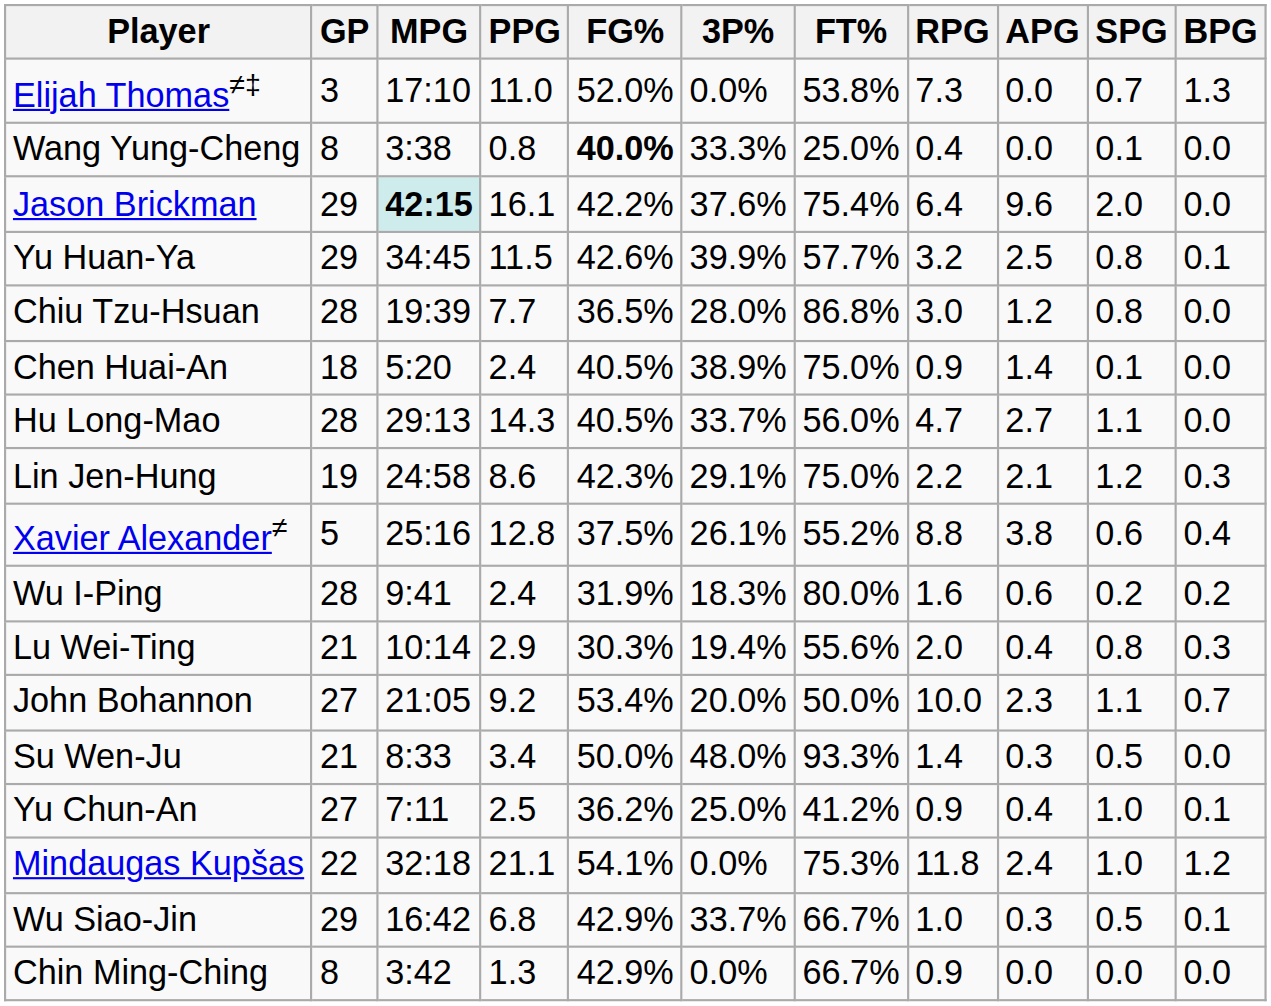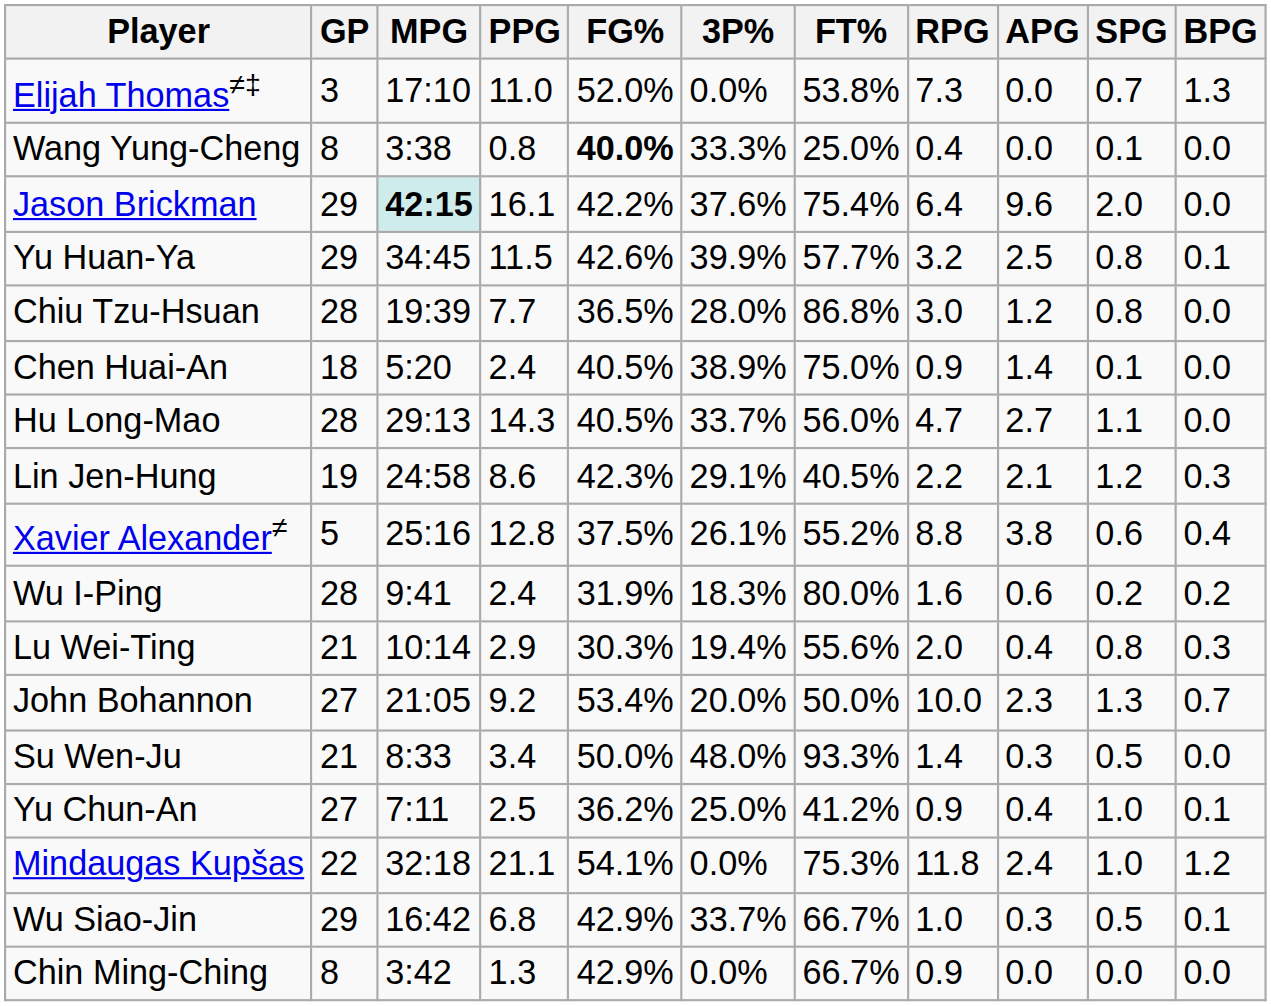 <table class="wikitable">
 <tr>
 <th>Player</th>
 <th>GP</th>
 <th>MPG</th>
 <th>PPG</th>
 <th>FG%</th>
 <th>3P%</th>
 <th>FT%</th>
 <th>RPG</th>
 <th>APG</th>
 <th>SPG</th>
 <th>BPG</th>
 </tr>
 <tr>
 <td><a href='#'>Elijah Thomas</a><sup>≠‡</sup></td>
 <td>3</td>
 <td>17:10</td>
 <td>11.0</td>
 <td>52.0%</td>
 <td>0.0%</td>
 <td>53.8%</td>
 <td>7.3</td>
 <td>0.0</td>
 <td>0.7</td>
 <td>1.3</td>
 </tr>
 <tr>
 <td>Wang Yung-Cheng</td>
 <td>8</td>
 <td>3:38</td>
 <td>0.8</td>
 <td><strong>40.0%</strong></td>
 <td>33.3%</td>
 <td>25.0%</td>
 <td>0.4</td>
 <td>0.0</td>
 <td>0.1</td>
 <td>0.0</td>
 </tr>
 <tr>
 <td><a href='#'>Jason Brickman</a></td>
 <td>29</td>
 <td style="background-color: #CFECEC"><strong>42:15</strong></td>
 <td>16.1</td>
 <td>42.2%</td>
 <td>37.6%</td>
 <td>75.4%</td>
 <td>6.4</td>
 <td>9.6</td>
 <td>2.0</td>
 <td>0.0</td>
 </tr>
 <tr>
 <td>Yu Huan-Ya</td>
 <td>29</td>
 <td>34:45</td>
 <td>11.5</td>
 <td>42.6%</td>
 <td>39.9%</td>
 <td>57.7%</td>
 <td>3.2</td>
 <td>2.5</td>
 <td>0.8</td>
 <td>0.1</td>
 </tr>
 <tr>
 <td>Chiu Tzu-Hsuan</td>
 <td>28</td>
 <td>19:39</td>
 <td>7.7</td>
 <td>36.5%</td>
 <td>28.0%</td>
 <td>86.8%</td>
 <td>3.0</td>
 <td>1.2</td>
 <td>0.8</td>
 <td>0.0</td>
 </tr>
 <tr>
 <td>Chen Huai-An</td>
 <td>18</td>
 <td>5:20</td>
 <td>2.4</td>
 <td>40.5%</td>
 <td>38.9%</td>
 <td>75.0%</td>
 <td>0.9</td>
 <td>1.4</td>
 <td>0.1</td>
 <td>0.0</td>
 </tr>
 <tr>
 <td>Hu Long-Mao</td>
 <td>28</td>
 <td>29:13</td>
 <td>14.3</td>
 <td>40.5%</td>
 <td>33.7%</td>
 <td>56.0%</td>
 <td>4.7</td>
 <td>2.7</td>
 <td>1.1</td>
 <td>0.0</td>
 </tr>
 <tr>
 <td>Lin Jen-Hung</td>
 <td>19</td>
 <td>24:58</td>
 <td>8.6</td>
 <td>42.3%</td>
 <td>29.1%</td>
-<td>75.0%</td>
+<td>40.5%</td>
 <td>2.2</td>
 <td>2.1</td>
 <td>1.2</td>
 <td>0.3</td>
 </tr>
 <tr>
 <td><a href='#'>Xavier Alexander</a><sup>≠</sup></td>
 <td>5</td>
 <td>25:16</td>
 <td>12.8</td>
 <td>37.5%</td>
 <td>26.1%</td>
 <td>55.2%</td>
 <td>8.8</td>
 <td>3.8</td>
 <td>0.6</td>
 <td>0.4</td>
 </tr>
 <tr>
 <td>Wu I-Ping</td>
 <td>28</td>
 <td>9:41</td>
 <td>2.4</td>
 <td>31.9%</td>
 <td>18.3%</td>
 <td>80.0%</td>
 <td>1.6</td>
 <td>0.6</td>
 <td>0.2</td>
 <td>0.2</td>
 </tr>
 <tr>
 <td>Lu Wei-Ting</td>
 <td>21</td>
 <td>10:14</td>
 <td>2.9</td>
 <td>30.3%</td>
 <td>19.4%</td>
 <td>55.6%</td>
 <td>2.0</td>
 <td>0.4</td>
 <td>0.8</td>
 <td>0.3</td>
 </tr>
 <tr>
 <td>John Bohannon</td>
 <td>27</td>
 <td>21:05</td>
 <td>9.2</td>
 <td>53.4%</td>
 <td>20.0%</td>
 <td>50.0%</td>
 <td>10.0</td>
 <td>2.3</td>
-<td>1.1</td>
+<td>1.3</td>
 <td>0.7</td>
 </tr>
 <tr>
 <td>Su Wen-Ju</td>
 <td>21</td>
 <td>8:33</td>
 <td>3.4</td>
 <td>50.0%</td>
 <td>48.0%</td>
 <td>93.3%</td>
 <td>1.4</td>
 <td>0.3</td>
 <td>0.5</td>
 <td>0.0</td>
 </tr>
 <tr>
 <td>Yu Chun-An</td>
 <td>27</td>
 <td>7:11</td>
 <td>2.5</td>
 <td>36.2%</td>
 <td>25.0%</td>
 <td>41.2%</td>
 <td>0.9</td>
 <td>0.4</td>
 <td>1.0</td>
 <td>0.1</td>
 </tr>
 <tr>
 <td><a href='#'>Mindaugas Kupšas</a></td>
 <td>22</td>
 <td>32:18</td>
 <td>21.1</td>
 <td>54.1%</td>
 <td>0.0%</td>
 <td>75.3%</td>
 <td>11.8</td>
 <td>2.4</td>
 <td>1.0</td>
 <td>1.2</td>
 </tr>
 <tr>
 <td>Wu Siao-Jin</td>
 <td>29</td>
 <td>16:42</td>
 <td>6.8</td>
 <td>42.9%</td>
 <td>33.7%</td>
 <td>66.7%</td>
 <td>1.0</td>
 <td>0.3</td>
 <td>0.5</td>
 <td>0.1</td>
 </tr>
 <tr>
 <td>Chin Ming-Ching</td>
 <td>8</td>
 <td>3:42</td>
 <td>1.3</td>
 <td>42.9%</td>
 <td>0.0%</td>
 <td>66.7%</td>
 <td>0.9</td>
 <td>0.0</td>
 <td>0.0</td>
 <td>0.0</td>
 </tr>
 </table>
